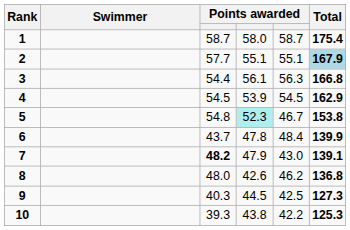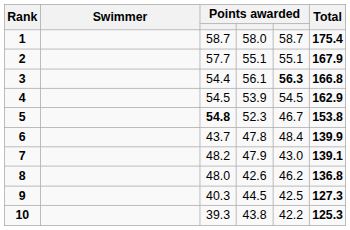 <table class="wikitable" style="text-align:center;">
 <tr>
 <th rowspan=2>Rank</th>
 <th rowspan=2 width=200>Swimmer</th>
 <th colspan=3>Points awarded</th>
 <th rowspan=2>Total</th>
 </tr>
 <tr>
 <th width=40></th>
 <th width=40></th>
 <th width=40></th>
 </tr>
 <tr>
 <td><strong>1</strong></td>
 <td align=left></td>
 <td>58.7</td>
 <td>58.0</td>
 <td>58.7</td>
 <td><strong>175.4</strong></td>
 </tr>
 <tr>
 <td><strong>2</strong></td>
 <td align=left></td>
 <td>57.7</td>
 <td>55.1</td>
 <td>55.1</td>
-<td style="background: lightblue;"><strong>167.9</strong></td>
+<td><strong>167.9</strong></td>
 </tr>
 <tr>
 <td><strong>3</strong></td>
 <td align=left></td>
 <td>54.4</td>
 <td>56.1</td>
-<td>56.3</td>
+<td><strong>56.3</strong></td>
 <td><strong>166.8</strong></td>
 </tr>
 <tr>
 <td><strong>4</strong></td>
 <td align=left></td>
 <td>54.5</td>
 <td>53.9</td>
 <td>54.5</td>
 <td><strong>162.9</strong></td>
 </tr>
 <tr>
 <td><strong>5</strong></td>
 <td align=left></td>
-<td>54.8</td>
-<td style="background: paleturquoise;">52.3</td>
+<td><strong>54.8</strong></td>
+<td>52.3</td>
 <td>46.7</td>
 <td><strong>153.8</strong></td>
 </tr>
 <tr>
 <td><strong>6</strong></td>
 <td align=left></td>
 <td>43.7</td>
 <td>47.8</td>
 <td>48.4</td>
 <td><strong>139.9</strong></td>
 </tr>
 <tr>
 <td><strong>7</strong></td>
 <td align=left></td>
-<td><strong>48.2</strong></td>
+<td>48.2</td>
 <td>47.9</td>
 <td>43.0</td>
 <td><strong>139.1</strong></td>
 </tr>
 <tr>
 <td><strong>8</strong></td>
 <td align=left></td>
 <td>48.0</td>
 <td>42.6</td>
 <td>46.2</td>
 <td><strong>136.8</strong></td>
 </tr>
 <tr>
 <td><strong>9</strong></td>
 <td align=left></td>
 <td>40.3</td>
 <td>44.5</td>
 <td>42.5</td>
 <td><strong>127.3</strong></td>
 </tr>
 <tr>
 <td><strong>10</strong></td>
 <td align=left></td>
 <td>39.3</td>
 <td>43.8</td>
 <td>42.2</td>
 <td><strong>125.3</strong></td>
 </tr>
 </table>
